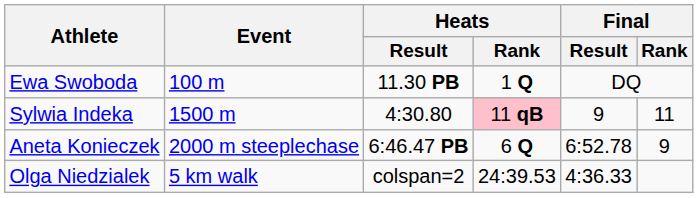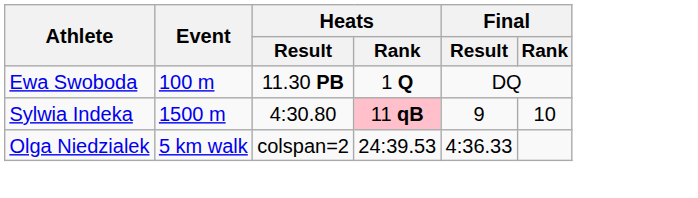 <table class="wikitable" style="font-size:90%">
 <tr>
 <th rowspan=2>Athlete</th>
 <th rowspan=2>Event</th>
 <th colspan=2>Heats</th>
 <th colspan=2>Final</th>
 </tr>
 <tr style="font-size:95%">
 <th>Result</th>
 <th>Rank</th>
 <th>Result</th>
 <th>Rank</th>
 </tr>
 <tr align=center>
 <td align=left><a href='#'>Ewa Swoboda</a></td>
 <td align=left><a href='#'>100 m</a></td>
 <td>11.30 <strong>PB</strong></td>
 <td>1 <strong>Q</strong></td>
 <td colspan=2>DQ</td>
 </tr>
 <tr align=center>
 <td align=left><a href='#'>Sylwia Indeka</a></td>
 <td align=left><a href='#'>1500 m</a></td>
 <td>4:30.80</td>
 <td style="background: pink;">11 <strong>qB</strong></td>
 <td>9</td>
-<td>11</td>
-</tr>
-<tr align=center>
-<td align=left><a href='#'>Aneta Konieczek</a></td>
-<td align=left><a href='#'>2000 m steeplechase</a></td>
-<td>6:46.47 <strong>PB</strong></td>
-<td>6 <strong>Q</strong></td>
-<td>6:52.78</td>
-<td>9</td>
+<td>10</td>
 </tr>
 <tr align=center>
 <td align=left><a href='#'>Olga Niedzialek</a></td>
 <td align=left><a href='#'>5 km walk</a></td>
 <td>colspan=2 </td>
 <td>24:39.53</td>
 <td>4:36.33</td>
 </tr>
 </table>
